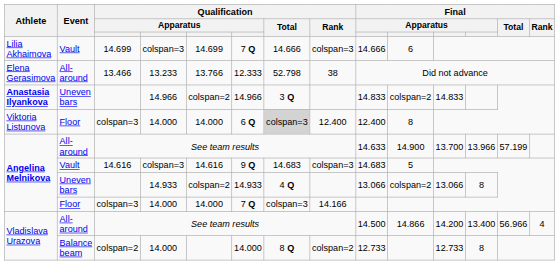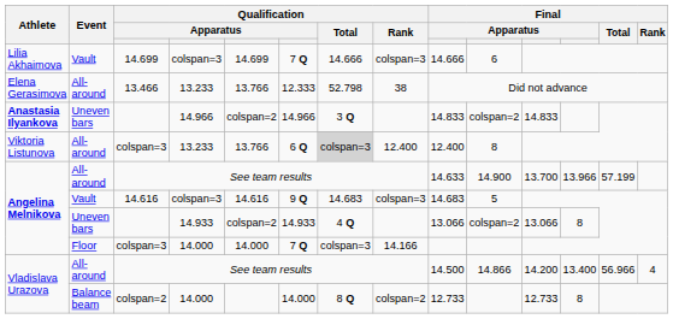 <table class="wikitable" style="text-align:center; font-size:90%">
 <tr>
 <th rowspan=3>Athlete</th>
 <th rowspan=3>Event</th>
 <th colspan=6>Qualification</th>
 <th colspan=6>Final</th>
 </tr>
 <tr style="font-size:95%">
 <th colspan=4>Apparatus</th>
 <th rowspan=2>Total</th>
 <th rowspan=2>Rank</th>
 <th colspan=4>Apparatus</th>
 <th rowspan=2>Total</th>
 <th rowspan=2>Rank</th>
 </tr>
 <tr style="font-size:95%">
 <th></th>
 <th></th>
 <th></th>
 <th></th>
 <th></th>
 <th></th>
 <th></th>
 <th></th>
 </tr>
 <tr>
 <td align=left><a href='#'>Lilia Akhaimova</a></td>
 <td align=left><a href='#'>Vault</a></td>
 <td>14.699</td>
 <td>colspan=3 </td>
 <td>14.699</td>
 <td>7 <strong>Q</strong></td>
 <td>14.666</td>
 <td>colspan=3 </td>
 <td>14.666</td>
 <td>6</td>
 </tr>
 <tr>
 <td align=left><a href='#'>Elena Gerasimova</a></td>
 <td align=left><a href='#'>All-around</a></td>
 <td>13.466</td>
 <td>13.233</td>
 <td>13.766</td>
 <td>12.333</td>
 <td>52.798</td>
 <td>38</td>
 <td colspan=6>Did not advance</td>
 </tr>
 <tr>
 <td align=left><strong><a href='#'>Anastasia Ilyankova</a></strong></td>
 <td align=left><a href='#'>Uneven bars</a></td>
 <td></td>
 <td>14.966</td>
 <td>colspan=2 </td>
 <td>14.966</td>
 <td>3 <strong>Q</strong></td>
 <td></td>
 <td>14.833</td>
 <td>colspan=2 </td>
 <td>14.833</td>
 <td></td>
 </tr>
 <tr>
 <td align=left><a href='#'>Viktoria Listunova</a></td>
-<td align=left><a href='#'>Floor</a></td>
+<td align=left><a href='#'>All-around</a></td>
 <td>colspan=3 </td>
-<td>14.000</td>
-<td>14.000</td>
+<td>13.233</td>
+<td>13.766</td>
 <td>6 <strong>Q</strong></td>
 <td style="background: lightgrey;">colspan=3 </td>
 <td>12.400</td>
 <td>12.400</td>
 <td>8</td>
 </tr>
 <tr>
 <td align=left rowspan=4><strong><a href='#'>Angelina Melnikova</a></strong></td>
 <td align=left><a href='#'>All-around</a></td>
 <td colspan=6><em>See team results</em></td>
 <td>14.633</td>
 <td>14.900</td>
 <td>13.700</td>
 <td>13.966</td>
 <td>57.199</td>
 <td></td>
 </tr>
 <tr>
 <td align=left><a href='#'>Vault</a></td>
 <td>14.616</td>
 <td>colspan=3 </td>
 <td>14.616</td>
 <td>9 <strong>Q</strong></td>
 <td>14.683</td>
 <td>colspan=3 </td>
 <td>14.683</td>
 <td>5</td>
 </tr>
 <tr>
 <td align=left><a href='#'>Uneven bars</a></td>
 <td></td>
 <td>14.933</td>
 <td>colspan=2 </td>
 <td>14.933</td>
 <td>4 <strong>Q</strong></td>
 <td></td>
 <td>13.066</td>
 <td>colspan=2 </td>
 <td>13.066</td>
 <td>8</td>
 </tr>
 <tr>
 <td align=left><a href='#'>Floor</a></td>
 <td>colspan=3 </td>
 <td>14.000</td>
 <td>14.000</td>
 <td>7 <strong>Q</strong></td>
 <td>colspan=3 </td>
 <td>14.166</td>
 <td></td>
 <td></td>
 </tr>
 <tr>
 <td align=left rowspan=2><a href='#'>Vladislava Urazova</a></td>
 <td align=left rowspan=1><a href='#'>All-around</a></td>
 <td colspan=6><em>See team results</em></td>
 <td>14.500</td>
 <td>14.866</td>
 <td>14.200</td>
 <td>13.400</td>
 <td>56.966</td>
 <td>4</td>
 </tr>
 <tr>
 <td align=left><a href='#'>Balance beam</a></td>
 <td>colspan=2 </td>
 <td>14.000</td>
 <td></td>
 <td>14.000</td>
 <td>8 <strong>Q</strong></td>
 <td>colspan=2 </td>
 <td>12.733</td>
 <td></td>
 <td>12.733</td>
 <td>8</td>
 </tr>
 </table>
